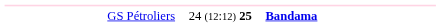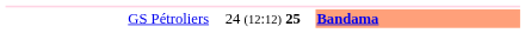 <table style="text-align:center" width=550>
 <tr>
 <th width=30%></th>
 <th width=15%></th>
 <th width=30%></th>
 </tr>
 <tr align="left" bgcolor=#ffd4e4>
 <td colspan=4></td>
 </tr>
 <tr>
 <td align="right"><a href='#'>GS Pétroliers</a> </td>
 <td>24 <small>(12</small>:<small>12)</small> <strong>25</strong></td>
-<td align=left> <strong><a href='#'>Bandama</a></strong></td>
+<td align=left style="background: lightsalmon;"> <strong><a href='#'>Bandama</a></strong></td>
 </tr>
 </table>
